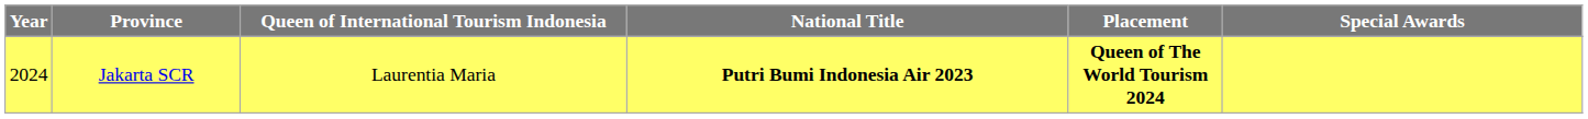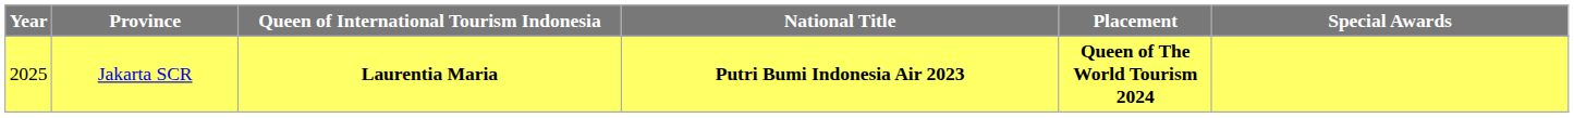 <table class="wikitable sortable" style="font-size: 95%; text-align:center">
 <tr>
 <th width="30" style="background-color:#787878;color:#FFFFFF;">Year</th>
 <th width="150" style="background-color:#787878;color:#FFFFFF;">Province</th>
 <th width="320" style="background-color:#787878;color:#FFFFFF;">Queen of International Tourism Indonesia</th>
 <th width="370" style="background-color:#787878;color:#FFFFFF;">National Title</th>
 <th width="120" style="background-color:#787878;color:#FFFFFF;">Placement</th>
 <th width="300" style="background-color:#787878;color:#FFFFFF;">Special Awards</th>
 </tr>
 <tr>
 </tr>
 <tr style="background-color:#FFFF66">
-<td>2024</td>
+<td>2025</td>
 <td><a href='#'>Jakarta SCR</a></td>
-<td>Laurentia Maria</td>
+<td><strong>Laurentia Maria</strong></td>
 <td><strong>Putri Bumi Indonesia Air 2023</strong></td>
 <td><strong>Queen of The World Tourism 2024</strong></td>
 <td></td>
 </tr>
 <tr>
 </tr>
 </table>
